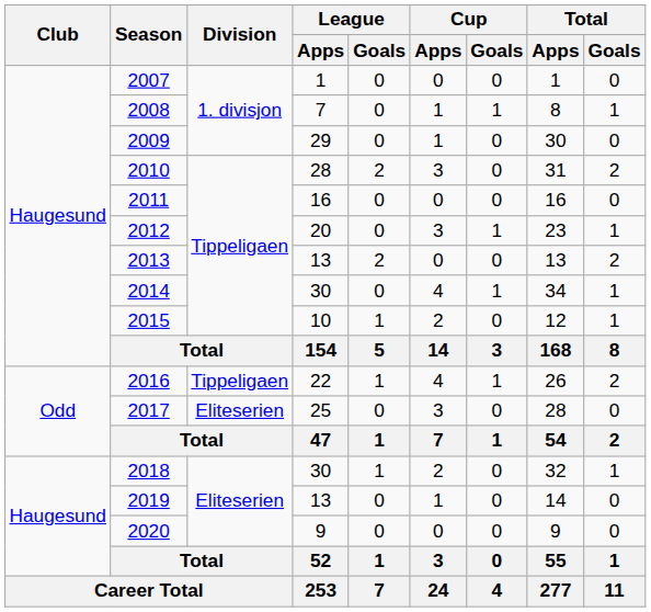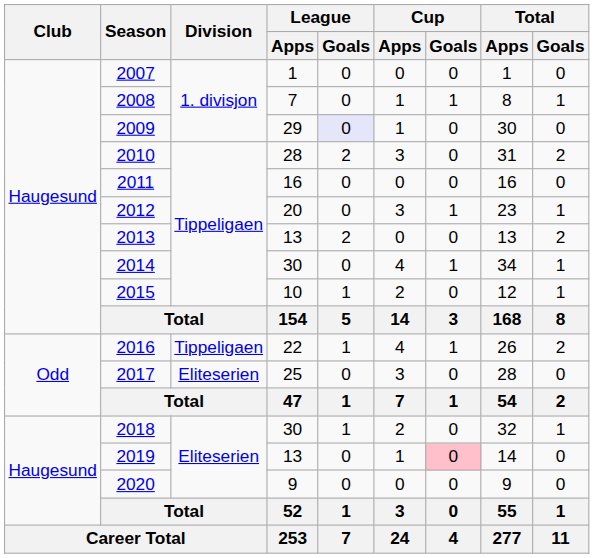 <table class="wikitable" style="text-align: center;">
 <tr>
 <th rowspan="2">Club</th>
 <th rowspan="2">Season</th>
 <th rowspan="2">Division</th>
 <th colspan="2">League</th>
 <th colspan="2">Cup</th>
 <th colspan="2">Total</th>
 </tr>
 <tr>
 <th>Apps</th>
 <th>Goals</th>
 <th>Apps</th>
 <th>Goals</th>
 <th>Apps</th>
 <th>Goals</th>
 </tr>
 <tr>
 <td rowspan="10" valign="center"><a href='#'>Haugesund</a></td>
 <td><a href='#'>2007</a></td>
 <td rowspan="3" valign="center"><a href='#'>1. divisjon</a></td>
 <td>1</td>
 <td>0</td>
 <td>0</td>
 <td>0</td>
 <td>1</td>
 <td>0</td>
 </tr>
 <tr>
 <td><a href='#'>2008</a></td>
 <td>7</td>
 <td>0</td>
 <td>1</td>
 <td>1</td>
 <td>8</td>
 <td>1</td>
 </tr>
 <tr>
 <td><a href='#'>2009</a></td>
 <td>29</td>
-<td>0</td>
+<td style="background: lavender;">0</td>
 <td>1</td>
 <td>0</td>
 <td>30</td>
 <td>0</td>
 </tr>
 <tr>
 <td><a href='#'>2010</a></td>
 <td rowspan="6" valign="center"><a href='#'>Tippeligaen</a></td>
 <td>28</td>
 <td>2</td>
 <td>3</td>
 <td>0</td>
 <td>31</td>
 <td>2</td>
 </tr>
 <tr>
 <td><a href='#'>2011</a></td>
 <td>16</td>
 <td>0</td>
 <td>0</td>
 <td>0</td>
 <td>16</td>
 <td>0</td>
 </tr>
 <tr>
 <td><a href='#'>2012</a></td>
 <td>20</td>
 <td>0</td>
 <td>3</td>
 <td>1</td>
 <td>23</td>
 <td>1</td>
 </tr>
 <tr>
 <td><a href='#'>2013</a></td>
 <td>13</td>
 <td>2</td>
 <td>0</td>
 <td>0</td>
 <td>13</td>
 <td>2</td>
 </tr>
 <tr>
 <td><a href='#'>2014</a></td>
 <td>30</td>
 <td>0</td>
 <td>4</td>
 <td>1</td>
 <td>34</td>
 <td>1</td>
 </tr>
 <tr>
 <td><a href='#'>2015</a></td>
 <td>10</td>
 <td>1</td>
 <td>2</td>
 <td>0</td>
 <td>12</td>
 <td>1</td>
 </tr>
 <tr>
 <th colspan="2">Total</th>
 <th>154</th>
 <th>5</th>
 <th>14</th>
 <th>3</th>
 <th>168</th>
 <th>8</th>
 </tr>
 <tr>
 <td rowspan="3" valign="center"><a href='#'>Odd</a></td>
 <td><a href='#'>2016</a></td>
 <td><a href='#'>Tippeligaen</a></td>
 <td>22</td>
 <td>1</td>
 <td>4</td>
 <td>1</td>
 <td>26</td>
 <td>2</td>
 </tr>
 <tr>
 <td><a href='#'>2017</a></td>
 <td><a href='#'>Eliteserien</a></td>
 <td>25</td>
 <td>0</td>
 <td>3</td>
 <td>0</td>
 <td>28</td>
 <td>0</td>
 </tr>
 <tr>
 <th colspan="2">Total</th>
 <th>47</th>
 <th>1</th>
 <th>7</th>
 <th>1</th>
 <th>54</th>
 <th>2</th>
 </tr>
 <tr>
 <td rowspan="4" valign="center"><a href='#'>Haugesund</a></td>
 <td><a href='#'>2018</a></td>
 <td rowspan="3" valign="center"><a href='#'>Eliteserien</a></td>
 <td>30</td>
 <td>1</td>
 <td>2</td>
 <td>0</td>
 <td>32</td>
 <td>1</td>
 </tr>
 <tr>
 <td><a href='#'>2019</a></td>
 <td>13</td>
 <td>0</td>
 <td>1</td>
-<td>0</td>
+<td style="background: pink;">0</td>
 <td>14</td>
 <td>0</td>
 </tr>
 <tr>
 <td><a href='#'>2020</a></td>
 <td>9</td>
 <td>0</td>
 <td>0</td>
 <td>0</td>
 <td>9</td>
 <td>0</td>
 </tr>
 <tr>
 <th colspan="2">Total</th>
 <th>52</th>
 <th>1</th>
 <th>3</th>
 <th>0</th>
 <th>55</th>
 <th>1</th>
 </tr>
 <tr>
 <th colspan="3">Career Total</th>
 <th>253</th>
 <th>7</th>
 <th>24</th>
 <th>4</th>
 <th>277</th>
 <th>11</th>
 </tr>
 </table>
